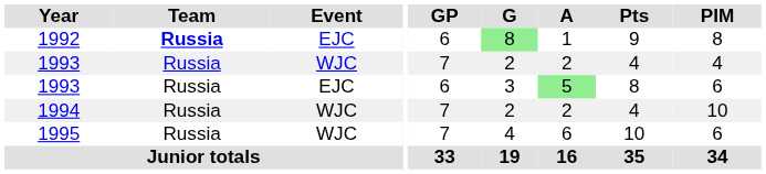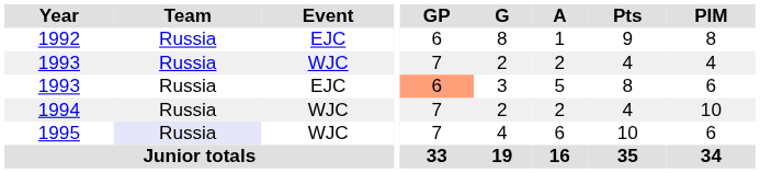 <table border="0" cellpadding="1" cellspacing="0" ID="Table3" style="text-align:center; width:40em">
 <tr bgcolor="#e0e0e0">
 <th>Year</th>
 <th>Team</th>
 <th>Event</th>
 <th rowspan="102" bgcolor="#ffffff"></th>
 <th>GP</th>
 <th>G</th>
 <th>A</th>
 <th>Pts</th>
 <th>PIM</th>
 </tr>
 <tr>
 <td><a href='#'>1992</a></td>
-<td><strong><a href='#'>Russia</a></strong></td>
+<td><a href='#'>Russia</a></td>
 <td><a href='#'>EJC</a></td>
 <td>6</td>
-<td style="background: lightgreen;">8</td>
+<td>8</td>
 <td>1</td>
 <td>9</td>
 <td>8</td>
 </tr>
 <tr bgcolor="#f0f0f0">
 <td><a href='#'>1993</a></td>
 <td><a href='#'>Russia</a></td>
 <td><a href='#'>WJC</a></td>
 <td>7</td>
 <td>2</td>
 <td>2</td>
 <td>4</td>
 <td>4</td>
 </tr>
 <tr>
 <td><a href='#'>1993</a></td>
 <td>Russia</td>
 <td>EJC</td>
-<td>6</td>
+<td style="background: lightsalmon;">6</td>
 <td>3</td>
-<td style="background: lightgreen;">5</td>
+<td>5</td>
 <td>8</td>
 <td>6</td>
 </tr>
 <tr bgcolor="#f0f0f0">
 <td><a href='#'>1994</a></td>
 <td>Russia</td>
 <td>WJC</td>
 <td>7</td>
 <td>2</td>
 <td>2</td>
 <td>4</td>
 <td>10</td>
 </tr>
 <tr>
 <td><a href='#'>1995</a></td>
-<td>Russia</td>
+<td style="background: lavender;">Russia</td>
 <td>WJC</td>
 <td>7</td>
 <td>4</td>
 <td>6</td>
 <td>10</td>
 <td>6</td>
 </tr>
 <tr bgcolor="#e0e0e0">
 <th colspan="3">Junior totals</th>
 <th>33</th>
 <th>19</th>
 <th>16</th>
 <th>35</th>
 <th>34</th>
 </tr>
 </table>
